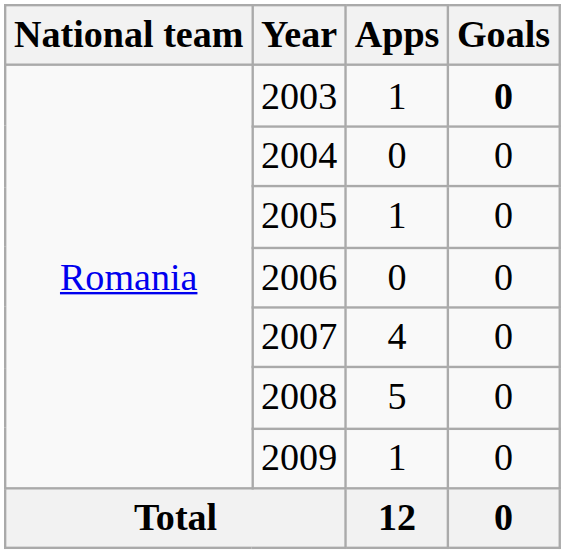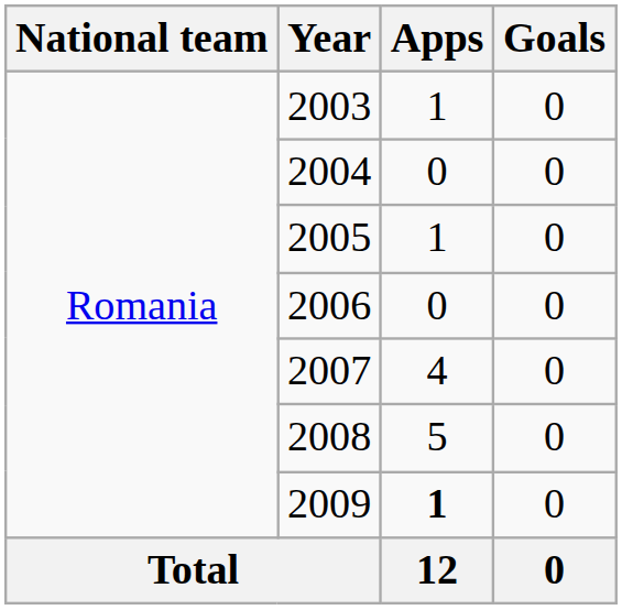 <table class="wikitable" style="text-align:center">
 <tr>
 <th>National team</th>
 <th>Year</th>
 <th>Apps</th>
 <th>Goals</th>
 </tr>
 <tr>
 <td rowspan="7"><a href='#'>Romania</a></td>
 <td>2003</td>
 <td>1</td>
-<td><strong>0</strong></td>
+<td>0</td>
 </tr>
 <tr>
 <td>2004</td>
 <td>0</td>
 <td>0</td>
 </tr>
 <tr>
 <td>2005</td>
 <td>1</td>
 <td>0</td>
 </tr>
 <tr>
 <td>2006</td>
 <td>0</td>
 <td>0</td>
 </tr>
 <tr>
 <td>2007</td>
 <td>4</td>
 <td>0</td>
 </tr>
 <tr>
 <td>2008</td>
 <td>5</td>
 <td>0</td>
 </tr>
 <tr>
 <td>2009</td>
-<td>1</td>
+<td><strong>1</strong></td>
 <td>0</td>
 </tr>
 <tr>
 <th colspan="2">Total</th>
 <th>12</th>
 <th>0</th>
 </tr>
 </table>
